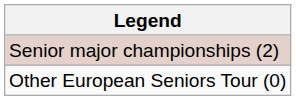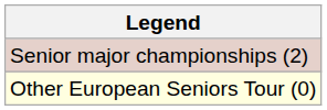 <table class="wikitable" style="font-size:95%;">
 <tr>
 <th>Legend</th>
 </tr>
 <tr style="background:#e5d1cb;">
 <td>Senior major championships (2)</td>
 </tr>
 <tr>
-<td>Other European Seniors Tour (0)</td>
+<td style="background: lightyellow;">Other European Seniors Tour (0)</td>
 </tr>
 </table>
